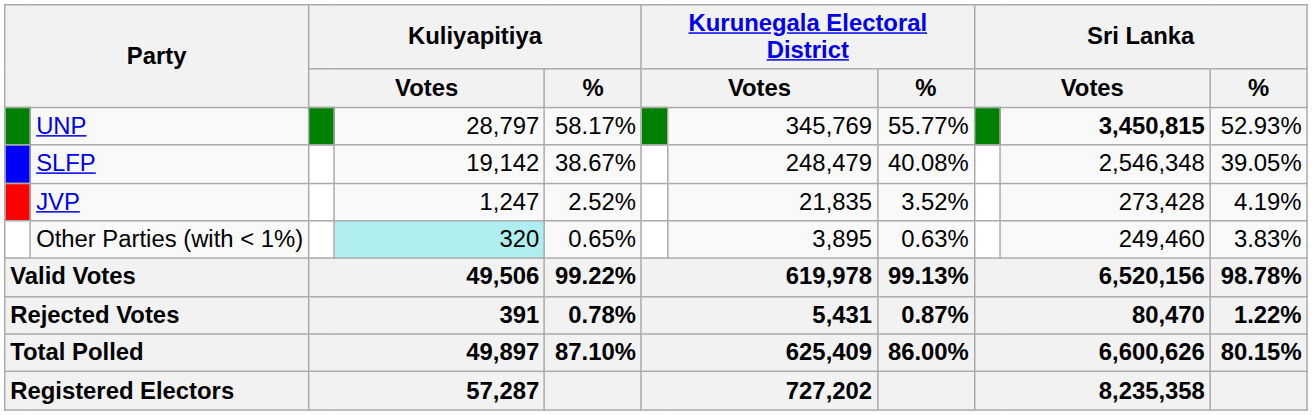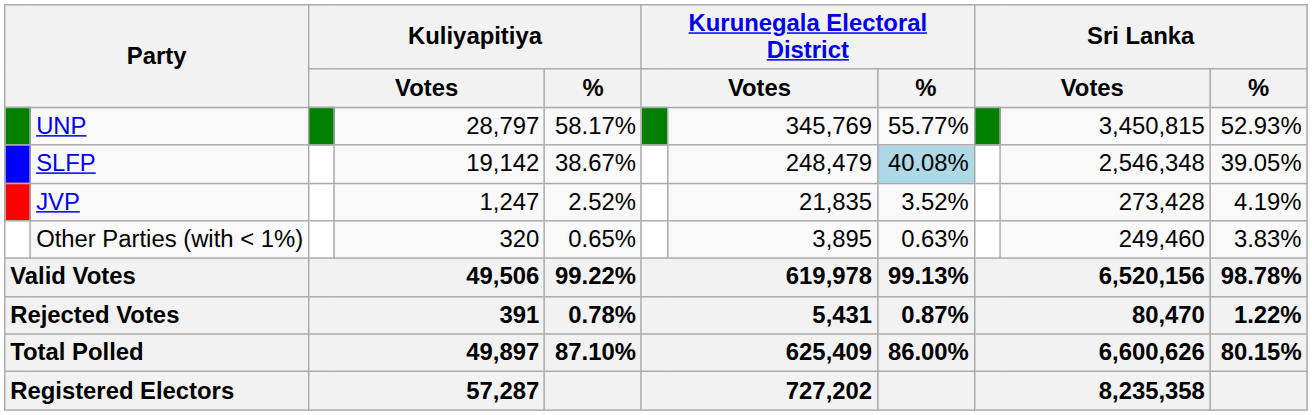 <table class="wikitable">
 <tr>
 <th colspan="2" width="144px"rowspan="2">Party</th>
 <th colspan="3" width="216px">Kuliyapitiya</th>
 <th colspan="3" width="216px"><a href='#'>Kurunegala Electoral District</a></th>
 <th colspan="3" width="216px">Sri Lanka</th>
 </tr>
 <tr>
 <th colspan="2" width="144px">Votes</th>
 <th>%</th>
 <th colspan="2" width="144px">Votes</th>
 <th>%</th>
 <th colspan="2" width="144px">Votes</th>
 <th>%</th>
 </tr>
 <tr>
 <td style="background-color:green;" width="10px"></td>
 <td style="text-align:left;"><a href='#'>UNP</a></td>
 <td style="background-color:green;" width="10px"></td>
 <td style="text-align:right;">28,797</td>
 <td style="text-align:right;">58.17%</td>
 <td style="background-color:green;" width="10px"></td>
 <td style="text-align:right;">345,769</td>
 <td style="text-align:right;">55.77%</td>
 <td style="background-color:green;" width="10px"></td>
-<td style="text-align:right;"><strong>3,450,815</strong></td>
+<td style="text-align:right;">3,450,815</td>
 <td style="text-align:right;">52.93%</td>
 </tr>
 <tr>
 <td style="background-color:blue;" width="10px"></td>
 <td style="text-align:left;"><a href='#'>SLFP</a></td>
 <td style="background-color:white;" width="10px"></td>
 <td style="text-align:right;">19,142</td>
 <td style="text-align:right;">38.67%</td>
 <td style="background-color:white;" width="10px"></td>
 <td style="text-align:right;">248,479</td>
-<td style="text-align:right;">40.08%</td>
+<td style="background: lightblue; text-align:right;">40.08%</td>
 <td style="background-color:white;" width="10px"></td>
 <td style="text-align:right;">2,546,348</td>
 <td style="text-align:right;">39.05%</td>
 </tr>
 <tr>
 <td style="background-color:red;" width="10px"></td>
 <td style="text-align:left;"><a href='#'>JVP</a></td>
 <td style="background-color:white;" width="10px"></td>
 <td style="text-align:right;">1,247</td>
 <td style="text-align:right;">2.52%</td>
 <td style="background-color:white;" width="10px"></td>
 <td style="text-align:right;">21,835</td>
 <td style="text-align:right;">3.52%</td>
 <td style="background-color:white;" width="10px"></td>
 <td style="text-align:right;">273,428</td>
 <td style="text-align:right;">4.19%</td>
 </tr>
 <tr>
 <td style="background-color:white;" width="10px"></td>
 <td style="text-align:left;">Other Parties (with < 1%)</td>
 <td style="background-color:white;" width="10px"></td>
-<td style="background: paleturquoise; text-align:right;">320</td>
+<td style="text-align:right;">320</td>
 <td style="text-align:right;">0.65%</td>
 <td style="background-color:white;" width="10px"></td>
 <td style="text-align:right;">3,895</td>
 <td style="text-align:right;">0.63%</td>
 <td style="background-color:white;" width="10px"></td>
 <td style="text-align:right;">249,460</td>
 <td style="text-align:right;">3.83%</td>
 </tr>
 <tr>
 <th colspan="2" width="144px"style="text-align:left;">Valid Votes</th>
 <th style="text-align:right;"colspan="2" width="144px">49,506</th>
 <th style="text-align:right;">99.22%</th>
 <th style="text-align:right;"colspan="2" width="144px">619,978</th>
 <th style="text-align:right;">99.13%</th>
 <th style="text-align:right;"colspan="2" width="144px">6,520,156</th>
 <th style="text-align:right;">98.78%</th>
 </tr>
 <tr>
 <th colspan="2" width="144px"style="text-align:left;">Rejected Votes</th>
 <th style="text-align:right;"colspan="2" width="144px">391</th>
 <th style="text-align:right;">0.78%</th>
 <th style="text-align:right;"colspan="2" width="144px">5,431</th>
 <th style="text-align:right;">0.87%</th>
 <th style="text-align:right;"colspan="2" width="144px">80,470</th>
 <th style="text-align:right;">1.22%</th>
 </tr>
 <tr>
 <th colspan="2" width="144px"style="text-align:left;">Total Polled</th>
 <th style="text-align:right;"colspan="2" width="144px">49,897</th>
 <th style="text-align:right;">87.10%</th>
 <th style="text-align:right;"colspan="2" width="144px">625,409</th>
 <th style="text-align:right;">86.00%</th>
 <th style="text-align:right;"colspan="2" width="144px">6,600,626</th>
 <th style="text-align:right;">80.15%</th>
 </tr>
 <tr>
 <th colspan="2" width="144px"style="text-align:left;">Registered Electors</th>
 <th style="text-align:right;"colspan="2" width="144px">57,287</th>
 <th></th>
 <th style="text-align:right;"colspan="2" width="144px">727,202</th>
 <th></th>
 <th style="text-align:right;"colspan="2" width="144px">8,235,358</th>
 <th></th>
 </tr>
 </table>
